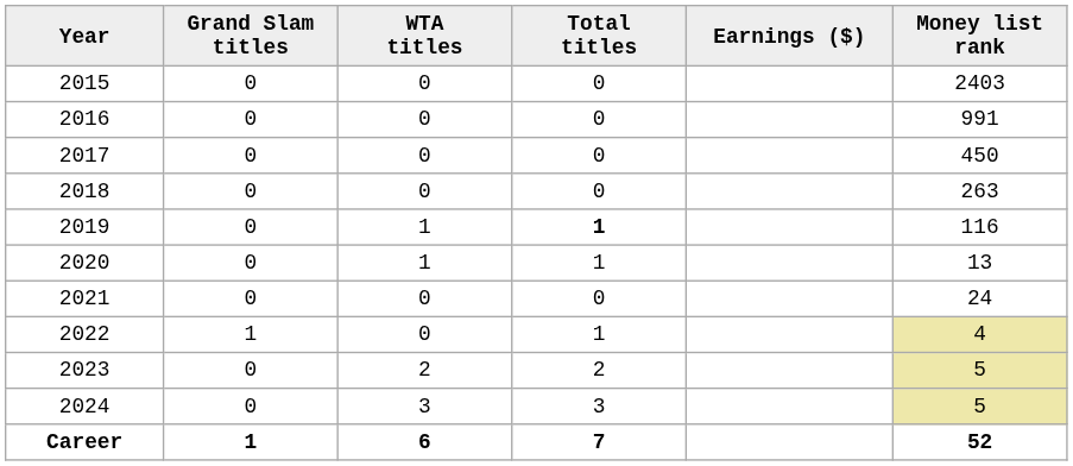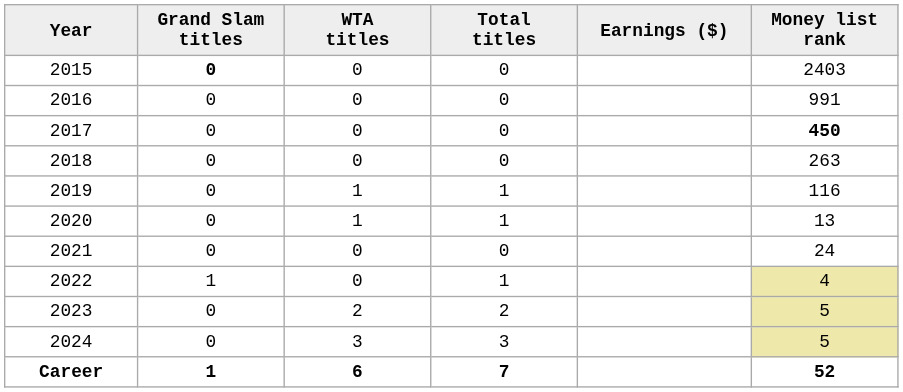 <table cellpadding=3 cellspacing=0 border=1 style=border:#aaa;solid:1px;border-collapse:collapse;text-align:center;>
 <tr style=background:#eee;font-weight:bold>
 <td width="90">Year</td>
 <td width="100">Grand Slam <br>titles</td>
 <td width="100">WTA <br>titles</td>
 <td width="100">Total <br>titles</td>
 <td width="120">Earnings ($)</td>
 <td width="100">Money list rank</td>
 </tr>
 <tr>
 <td>2015</td>
-<td>0</td>
+<td><strong>0</strong></td>
 <td>0</td>
 <td>0</td>
 <td align="right"></td>
 <td>2403</td>
 </tr>
 <tr>
 <td>2016</td>
 <td>0</td>
 <td>0</td>
 <td>0</td>
 <td align="right"></td>
 <td>991</td>
 </tr>
 <tr>
 <td>2017</td>
 <td>0</td>
 <td>0</td>
 <td>0</td>
 <td align="right"></td>
-<td>450</td>
+<td><strong>450</strong></td>
 </tr>
 <tr>
 <td>2018</td>
 <td>0</td>
 <td>0</td>
 <td>0</td>
 <td align="right"></td>
 <td>263</td>
 </tr>
 <tr>
 <td>2019</td>
 <td>0</td>
 <td>1</td>
-<td><strong>1</strong></td>
+<td>1</td>
 <td align="right"></td>
 <td>116</td>
 </tr>
 <tr>
 <td>2020</td>
 <td>0</td>
 <td>1</td>
 <td>1</td>
 <td align="right"></td>
 <td>13</td>
 </tr>
 <tr>
 <td>2021</td>
 <td>0</td>
 <td>0</td>
 <td>0</td>
 <td align="right"></td>
 <td>24</td>
 </tr>
 <tr>
 <td>2022</td>
 <td>1</td>
 <td>0</td>
 <td>1</td>
 <td align=right></td>
 <td style="background:#eee8aa;">4</td>
 </tr>
 <tr>
 <td>2023</td>
 <td>0</td>
 <td>2</td>
 <td>2</td>
 <td align=right></td>
 <td style="background:#eee8aa;">5</td>
 </tr>
 <tr>
 <td>2024</td>
 <td>0</td>
 <td>3</td>
 <td>3</td>
 <td align=right></td>
 <td style="background:#eee8aa;">5</td>
 </tr>
 <tr style="font-weight:bold;">
 <td>Career</td>
 <td>1</td>
 <td>6</td>
 <td>7</td>
 <td align="right"></td>
 <td>52</td>
 </tr>
 </table>
